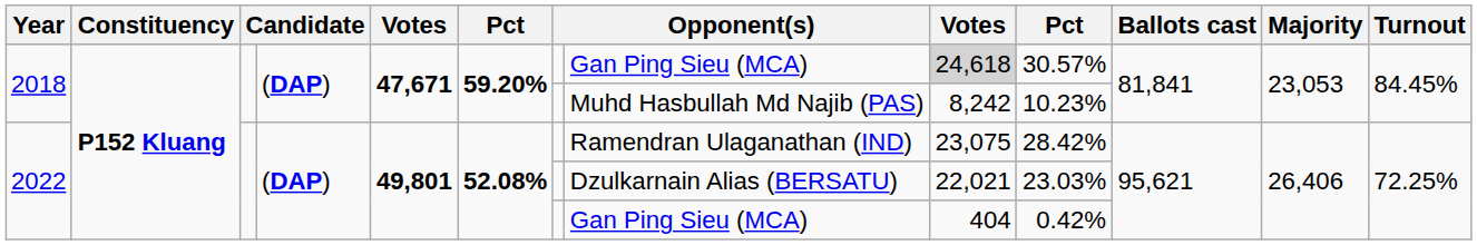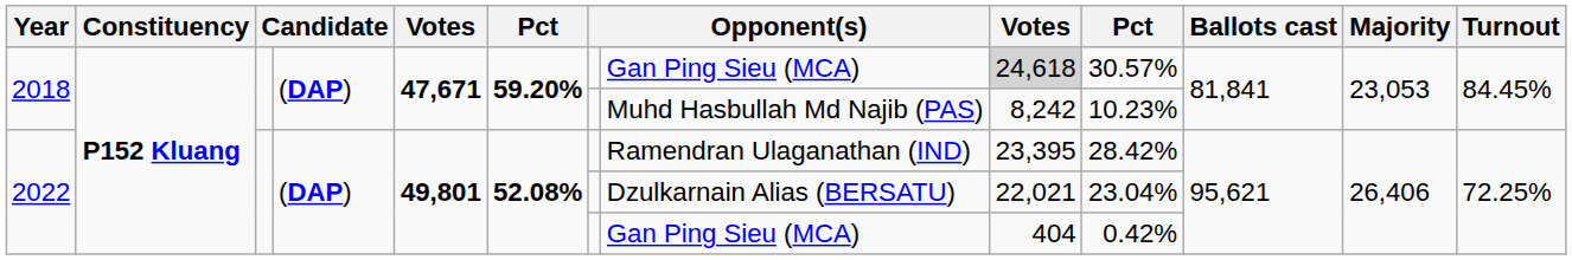 <table class="wikitable" style="margin:0.5em ; font-size:95%">
 <tr>
 <th>Year</th>
 <th>Constituency</th>
 <th colspan=2>Candidate</th>
 <th>Votes</th>
 <th>Pct</th>
 <th colspan=2>Opponent(s)</th>
 <th>Votes</th>
 <th>Pct</th>
 <th>Ballots cast</th>
 <th>Majority</th>
 <th>Turnout</th>
 </tr>
 <tr>
 <td rowspan=2><a href='#'>2018</a></td>
 <td rowspan=5><strong>P152 <a href='#'>Kluang</a></strong></td>
 <td rowspan=2 ></td>
 <td rowspan=2> (<a href='#'><strong>DAP</strong></a>)</td>
 <td rowspan=2 align="right"><strong>47,671</strong></td>
 <td rowspan=2><strong>59.20%</strong></td>
 <td></td>
 <td><a href='#'>Gan Ping Sieu</a> (<a href='#'>MCA</a>)</td>
 <td align="right" style="background: lightgrey;">24,618</td>
 <td>30.57%</td>
 <td rowspan=2>81,841</td>
 <td rowspan=2>23,053</td>
 <td rowspan=2>84.45%</td>
 </tr>
 <tr>
 <td></td>
 <td>Muhd Hasbullah Md Najib (<a href='#'>PAS</a>)</td>
 <td align="right">8,242</td>
 <td>10.23%</td>
 </tr>
 <tr>
 <td rowspan="3"><a href='#'>2022</a></td>
 <td rowspan=4 ></td>
 <td rowspan="3"> (<a href='#'><strong>DAP</strong></a>)</td>
 <td rowspan="3" align="right"><strong>49,801</strong></td>
 <td rowspan="3"><strong>52.08%</strong></td>
 <td></td>
 <td>Ramendran Ulaganathan (<a href='#'>IND</a>)</td>
-<td align="right">23,075</td>
+<td align="right">23,395</td>
 <td>28.42%</td>
 <td rowspan="3">95,621</td>
 <td rowspan="3">26,406</td>
 <td rowspan="3">72.25%</td>
 </tr>
 <tr>
 <td bgcolor=></td>
 <td>Dzulkarnain Alias (<a href='#'>BERSATU</a>)</td>
 <td align="right">22,021</td>
-<td>23.03%</td>
+<td>23.04%</td>
 </tr>
 <tr>
 <td></td>
 <td><a href='#'>Gan Ping Sieu</a> (<a href='#'>MCA</a>)</td>
 <td align="right">404</td>
 <td align="right">0.42%</td>
 </tr>
 </table>
